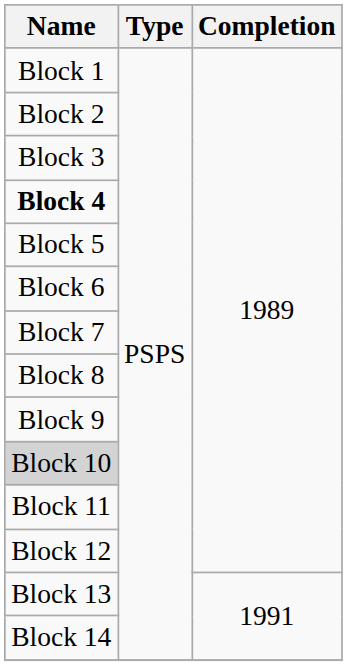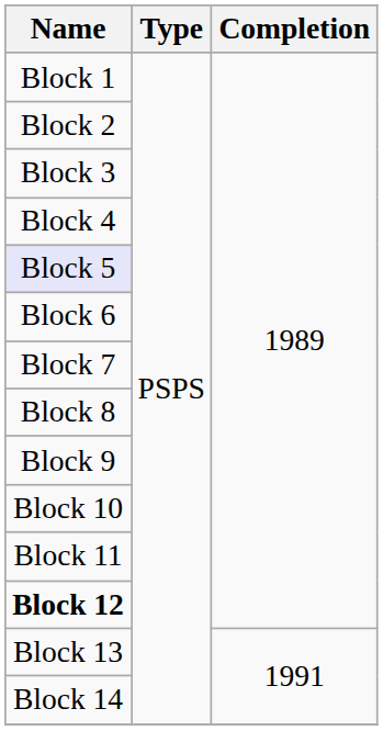 <table class="wikitable" style="text-align: center">
 <tr>
 <th>Name</th>
 <th>Type</th>
 <th>Completion</th>
 </tr>
 <tr>
 <td>Block 1</td>
 <td rowspan="14">PSPS</td>
 <td rowspan="12">1989</td>
 </tr>
 <tr>
 <td>Block 2</td>
 </tr>
 <tr>
 <td>Block 3</td>
 </tr>
 <tr>
-<td><strong>Block 4</strong></td>
+<td>Block 4</td>
 </tr>
 <tr>
-<td>Block 5</td>
+<td style="background: lavender;">Block 5</td>
 </tr>
 <tr>
 <td>Block 6</td>
 </tr>
 <tr>
 <td>Block 7</td>
 </tr>
 <tr>
 <td>Block 8</td>
 </tr>
 <tr>
 <td>Block 9</td>
 </tr>
 <tr>
-<td style="background: lightgrey;">Block 10</td>
+<td>Block 10</td>
 </tr>
 <tr>
 <td>Block 11</td>
 </tr>
 <tr>
-<td>Block 12</td>
+<td><strong>Block 12</strong></td>
 </tr>
 <tr>
 <td>Block 13</td>
 <td rowspan="2">1991</td>
 </tr>
 <tr>
 <td>Block 14</td>
 </tr>
 <tr>
 </tr>
 </table>
